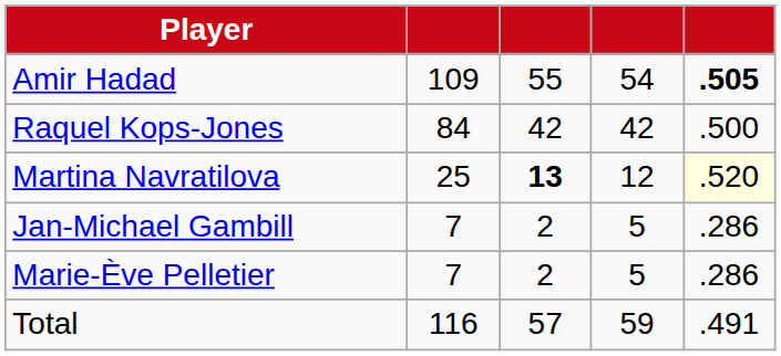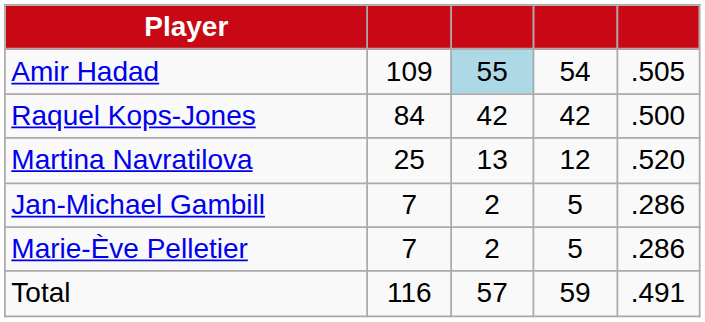 <table class="wikitable" style="text-align:center">
 <tr>
 <th style="background:#C80815; color:white" width="200px">Player</th>
 <th style="background:#C80815; color:white" width="40px"></th>
 <th style="background:#C80815; color:white" width="40px"></th>
 <th style="background:#C80815; color:white" width="40px"></th>
 <th style="background:#C80815; color:white" width="40px"></th>
 </tr>
 <tr>
 <td style="text-align:left"><a href='#'>Amir Hadad</a></td>
 <td>109</td>
-<td>55</td>
+<td style="background: lightblue;">55</td>
 <td>54</td>
-<td><strong>.505</strong></td>
+<td>.505</td>
 </tr>
 <tr>
 <td style="text-align:left"><a href='#'>Raquel Kops-Jones</a></td>
 <td>84</td>
 <td>42</td>
 <td>42</td>
 <td>.500</td>
 </tr>
 <tr>
 <td style="text-align:left"><a href='#'>Martina Navratilova</a></td>
 <td>25</td>
-<td><strong>13</strong></td>
+<td>13</td>
 <td>12</td>
-<td style="background: lightyellow;">.520</td>
+<td>.520</td>
 </tr>
 <tr>
 <td style="text-align:left"><a href='#'>Jan-Michael Gambill</a></td>
 <td>7</td>
 <td>2</td>
 <td>5</td>
 <td>.286</td>
 </tr>
 <tr>
 <td style="text-align:left"><a href='#'>Marie-Ève Pelletier</a></td>
 <td>7</td>
 <td>2</td>
 <td>5</td>
 <td>.286</td>
 </tr>
 <tr>
 <td style="text-align:left">Total</td>
 <td>116</td>
 <td>57</td>
 <td>59</td>
 <td>.491</td>
 </tr>
 </table>
